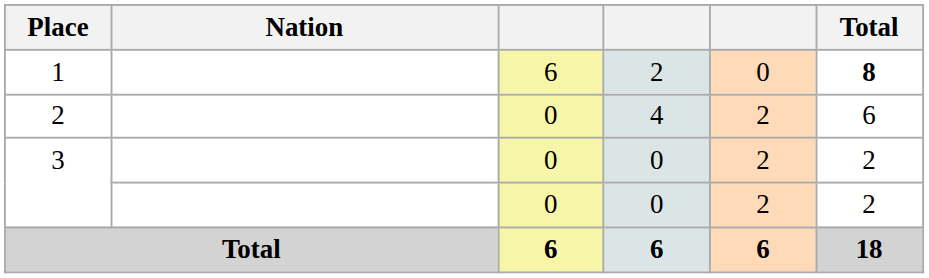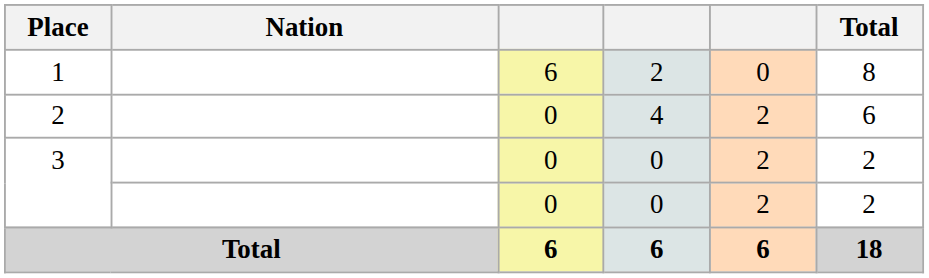 <table class=wikitable style="border:1px solid #AAAAAA;font-size:90%">
 <tr bgcolor="#EFEFEF">
 <th width=50>Place</th>
 <th width=200>Nation</th>
 <th width=50></th>
 <th width=50></th>
 <th width=50></th>
 <th width=50>Total</th>
 </tr>
 <tr align="center" valign="top" bgcolor="#FFFFFF">
 <td>1</td>
 <td align="left"></td>
 <td style="background:#F7F6A8;">6</td>
 <td style="background:#DCE5E5;">2</td>
 <td style="background:#FFDAB9;">0</td>
-<td><strong>8</strong></td>
+<td>8</td>
 </tr>
 <tr align="center" valign="top" bgcolor="#FFFFFF">
 <td>2</td>
 <td align="left"></td>
 <td style="background:#F7F6A8;">0</td>
 <td style="background:#DCE5E5;">4</td>
 <td style="background:#FFDAB9;">2</td>
 <td>6</td>
 </tr>
 <tr align="center" valign="top" bgcolor="#FFFFFF">
 <td rowspan="2" valign="center">3</td>
 <td align="left"></td>
 <td style="background:#F7F6A8;">0</td>
 <td style="background:#DCE5E5;">0</td>
 <td style="background:#FFDAB9;">2</td>
 <td>2</td>
 </tr>
 <tr align="center" valign="top" bgcolor="#FFFFFF">
 <td align="left"></td>
 <td style="background:#F7F6A8;">0</td>
 <td style="background:#DCE5E5;">0</td>
 <td style="background:#FFDAB9;">2</td>
 <td>2</td>
 </tr>
 <tr align="center">
 <td colspan="2" bgcolor=D3D3D3><strong>Total</strong></td>
 <td style="background:#F7F6A8;"><strong>6</strong></td>
 <td style="background:#DCE5E5;"><strong>6</strong></td>
 <td style="background:#FFDAB9;"><strong>6</strong></td>
 <td bgcolor=D3D3D3><strong>18</strong></td>
 </tr>
 </table>
